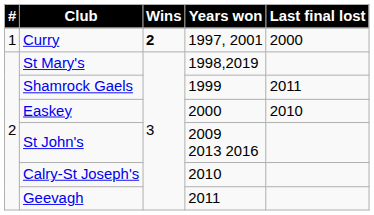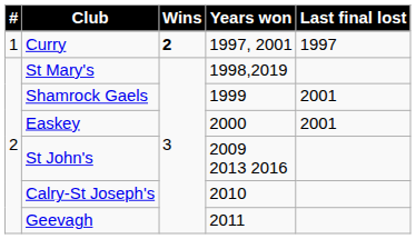 <table class="wikitable">
 <tr>
 <th style="background:black;color:white">#</th>
 <th style="background:black;color:white">Club</th>
 <th style="background:black;color:white">Wins</th>
 <th style="background:black;color:white">Years won</th>
 <th style="background:black;color:white">Last final lost</th>
 </tr>
 <tr>
 <td>1</td>
 <td><a href='#'>Curry</a></td>
 <td><strong>2</strong></td>
 <td>1997, 2001</td>
-<td>2000</td>
+<td>1997</td>
 </tr>
 <tr>
 <td rowspan="6">2</td>
 <td><a href='#'>St Mary's</a></td>
 <td rowspan="6">3</td>
 <td>1998,2019</td>
 <td></td>
 </tr>
 <tr>
 <td><a href='#'>Shamrock Gaels</a></td>
 <td>1999</td>
-<td>2011</td>
+<td>2001</td>
 </tr>
 <tr>
 <td><a href='#'>Easkey</a></td>
 <td>2000</td>
-<td>2010</td>
+<td>2001</td>
 </tr>
 <tr>
 <td><a href='#'>St John's</a></td>
 <td>2009<br>2013 2016</td>
 <td></td>
 </tr>
 <tr>
 <td><a href='#'>Calry-St Joseph's</a></td>
 <td>2010</td>
 <td></td>
 </tr>
 <tr>
 <td><a href='#'>Geevagh</a></td>
 <td>2011</td>
 <td></td>
 </tr>
 </table>
